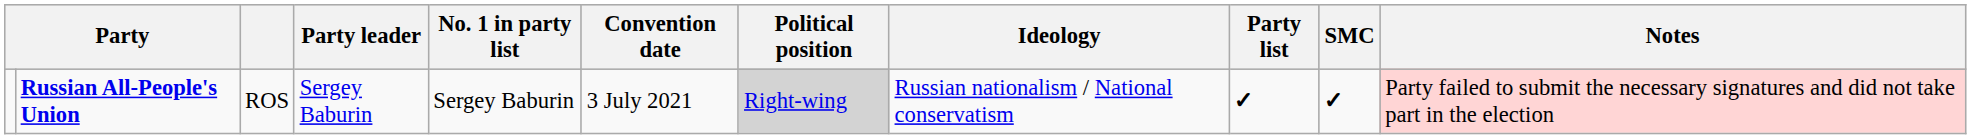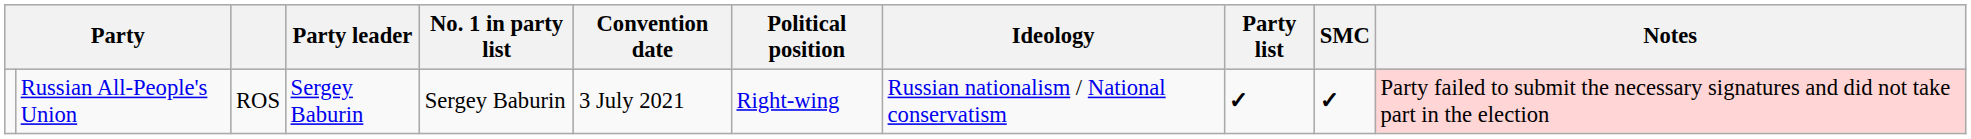 <table class="wikitable" style="font-size:90%">
 <tr>
 <th colspan=2>Party</th>
 <th></th>
 <th>Party leader</th>
 <th>No. 1 in party list</th>
 <th>Convention date</th>
 <th>Political position</th>
 <th>Ideology</th>
 <th>Party list</th>
 <th>SMC</th>
 <th>Notes</th>
 </tr>
 <tr>
 <td style="background: "></td>
-<td><strong><a href='#'>Russian All-People's Union</a></strong></td>
+<td><a href='#'>Russian All-People's Union</a></td>
 <td>ROS</td>
 <td><a href='#'>Sergey Baburin</a></td>
 <td>Sergey Baburin</td>
 <td>3 July 2021</td>
-<td style="background: lightgrey;"><a href='#'>Right-wing</a></td>
+<td><a href='#'>Right-wing</a></td>
 <td><a href='#'>Russian nationalism</a> / <a href='#'>National conservatism</a></td>
 <td><strong>✓</strong></td>
 <td><strong>✓</strong></td>
 <td style="background:#ffd5d5;">Party failed to submit the necessary signatures and did not take part in the election</td>
 </tr>
 </table>
